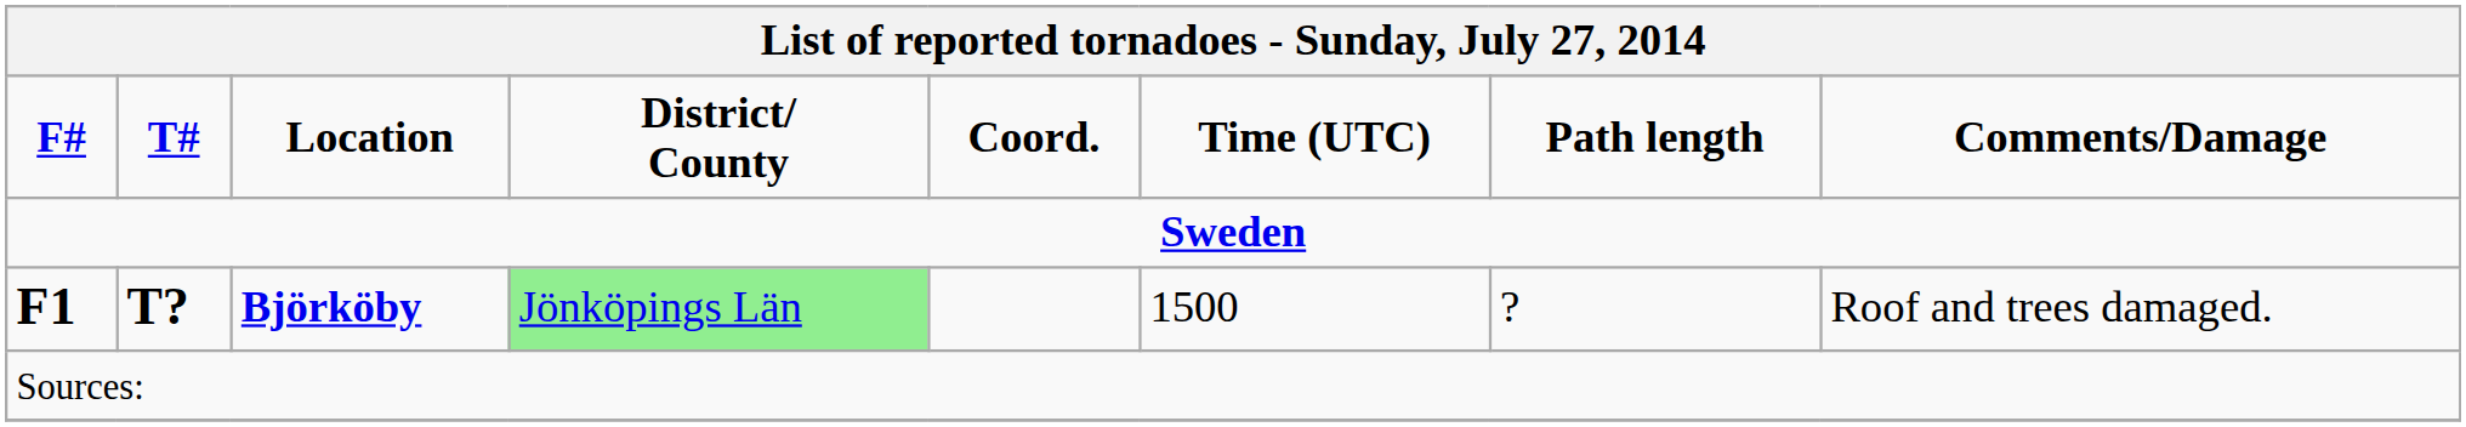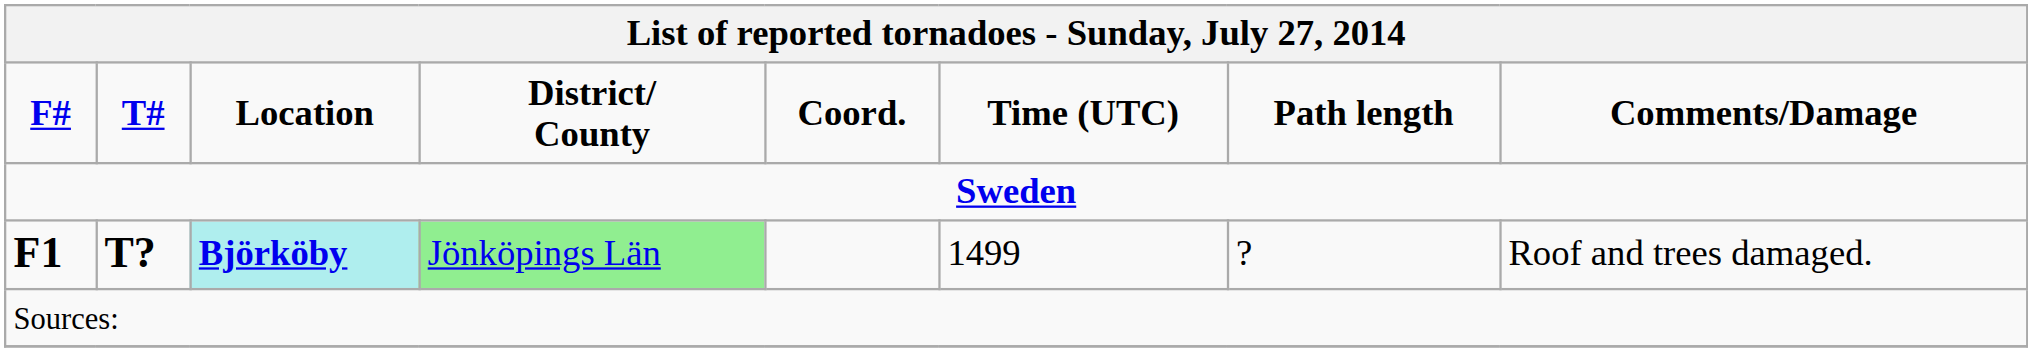 <table class="wikitable collapsible" width="100%">
 <tr>
 <th colspan="8">List of reported tornadoes - Sunday, July 27, 2014</th>
 </tr>
 <tr>
 <td style="text-align: center;"><strong><a href='#'>F#</a></strong></td>
 <td style="text-align: center;"><strong><a href='#'>T#</a></strong></td>
 <td style="text-align: center;"><strong>Location</strong></td>
 <td style="text-align: center;"><strong>District/<br>County</strong></td>
 <td style="text-align: center;"><strong>Coord.</strong></td>
 <td style="text-align: center;"><strong>Time (UTC)</strong></td>
 <td style="text-align: center;"><strong>Path length</strong></td>
 <td style="text-align: center;"><strong>Comments/Damage</strong></td>
 </tr>
 <tr>
 <td colspan="8" align=center><strong><a href='#'>Sweden</a></strong></td>
 </tr>
 <tr>
 <td><big><strong>F1</strong></big></td>
 <td><big><strong>T?</strong></big></td>
-<td><strong><a href='#'>Björköby</a></strong></td>
+<td style="background: paleturquoise;"><strong><a href='#'>Björköby</a></strong></td>
 <td style="background: lightgreen;"><a href='#'>Jönköpings Län</a></td>
 <td></td>
-<td>1500</td>
+<td>1499</td>
 <td>?</td>
 <td>Roof and trees damaged.</td>
 </tr>
 <tr>
 <td colspan="8"><small>Sources:</small></td>
 </tr>
 <tr>
 </tr>
 </table>
